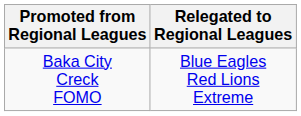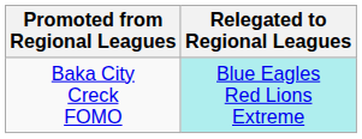 <table class="wikitable">
 <tr>
 <th> Promoted from<br>Regional Leagues</th>
 <th> Relegated to<br>Regional Leagues</th>
 </tr>
 <tr>
 <td align="center"><a href='#'>Baka City</a><br><a href='#'>Creck</a><br><a href='#'>FOMO</a></td>
-<td align="center"><a href='#'>Blue Eagles</a><br><a href='#'>Red Lions</a><br><a href='#'>Extreme</a></td>
+<td align="center" style="background: paleturquoise;"><a href='#'>Blue Eagles</a><br><a href='#'>Red Lions</a><br><a href='#'>Extreme</a></td>
 </tr>
 </table>
